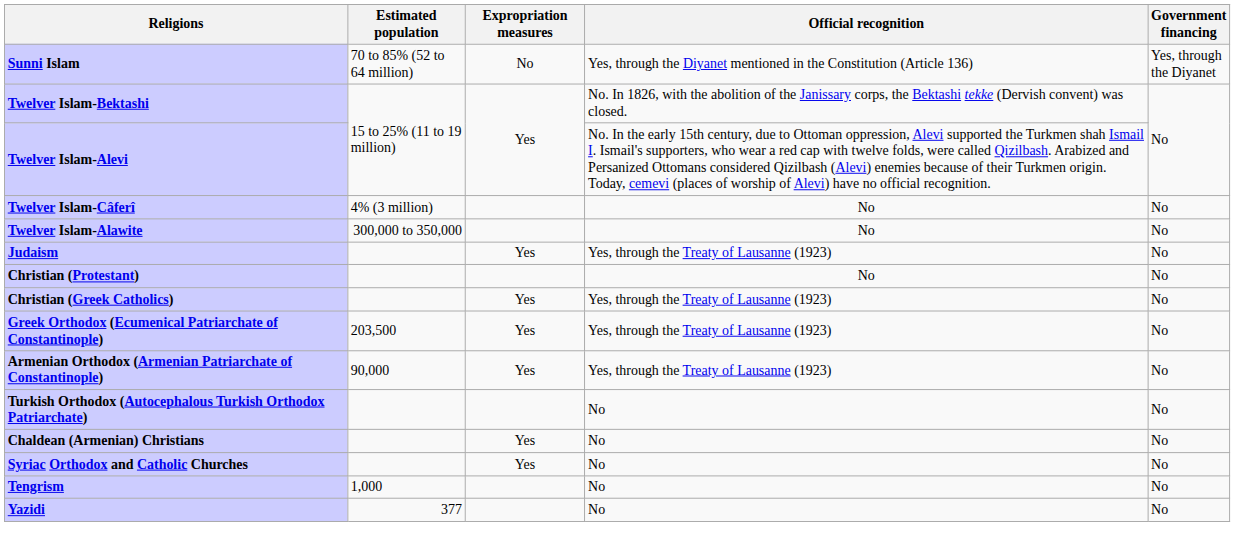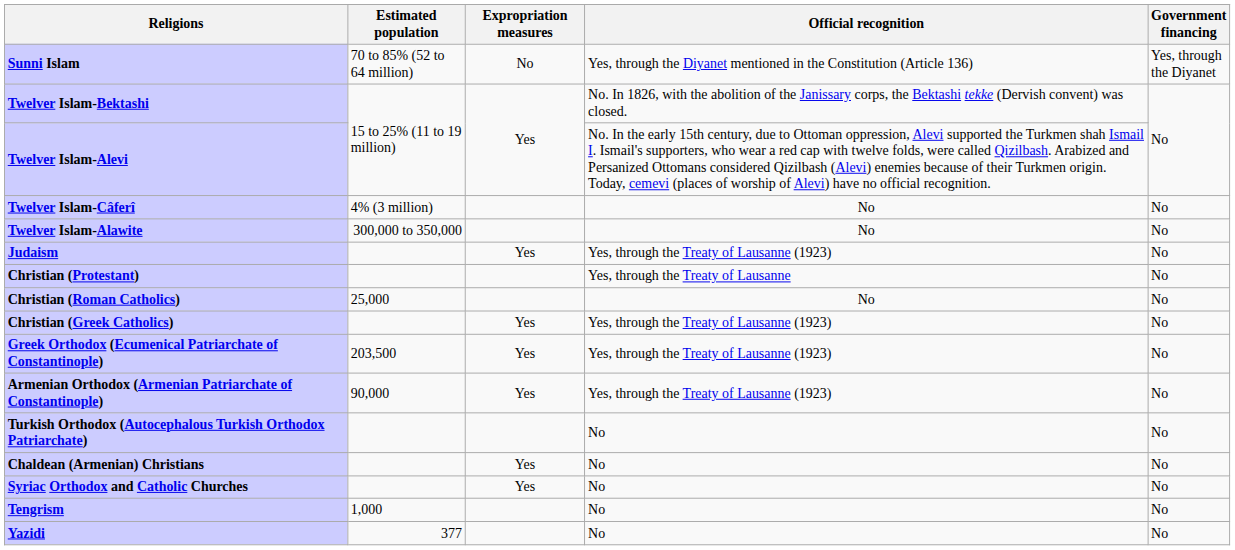 <table class="wikitable" border="3px solid" style="margin:0 auto; padding: 0; font-size: 90%; center:; :">
 <tr>
 </tr>
 <tr>
 <th bgcolor="#003366" align="center" width="30%"><span>Religions</span></th>
 <th bgcolor="#003366" align="center" width="10%"><span>Estimated population</span></th>
 <th width="10%" align="center" bgcolor="#003366"><span>Expropriation <br>measures</span></th>
 <th bgcolor="#003366" align="center" width="50%"><span>Official recognition</span></th>
 <th bgcolor="#003366" align="center" width="10%"><span>Government financing</span></th>
 </tr>
 <tr>
 <th scope="row" style="background:#CCCCFF;text-align:left"><a href='#'>Sunni</a> Islam</th>
 <td align="left">70 to 85% (52 to 64 million)</td>
 <td align="center">No</td>
 <td align="left">Yes, through the <a href='#'>Diyanet</a> mentioned in the Constitution (Article 136)</td>
 <td align="left">Yes, through the Diyanet</td>
 </tr>
 <tr>
 <th scope="row" style="background:#CCCCFF;text-align:left"><a href='#'>Twelver</a> Islam-<a href='#'>Bektashi</a></th>
 <td rowspan=2>15 to 25% (11 to 19 million)</td>
 <td rowspan=2 align="center">Yes</td>
 <td align="left">No. In 1826, with the abolition of the <a href='#'>Janissary</a> corps, the <a href='#'>Bektashi</a> <em><a href='#'>tekke</a></em> (Dervish convent) was closed.</td>
 <td rowspan=2>No</td>
 </tr>
 <tr>
 <th scope="row" style="background:#CCCCFF;text-align:left"><a href='#'>Twelver</a> Islam-<a href='#'>Alevi</a></th>
 <td align="left">No. In the early 15th century, due to Ottoman oppression, <a href='#'>Alevi</a> supported the Turkmen shah <a href='#'>Ismail I</a>. Ismail's supporters, who wear a red cap with twelve folds, were called <a href='#'>Qizilbash</a>. Arabized and Persanized Ottomans considered Qizilbash (<a href='#'>Alevi</a>) enemies because of their Turkmen origin. Today, <a href='#'>cemevi</a> (places of worship of <a href='#'>Alevi</a>) have no official recognition.</td>
 </tr>
 <tr>
 <th scope="row" style="background:#CCCCFF;text-align:left"><a href='#'>Twelver</a> Islam-<a href='#'>Câferî</a></th>
 <td align="left">4% (3 million)</td>
 <td align="left"></td>
 <td align="center">No</td>
 <td align="left">No</td>
 </tr>
 <tr>
 <th scope="row" style="background:#CCCCFF;text-align:left"><a href='#'>Twelver</a> Islam-<a href='#'>Alawite</a></th>
 <td align="right">300,000 to 350,000</td>
 <td align="center"></td>
 <td align="center">No</td>
 <td align="left">No</td>
 </tr>
 <tr>
 <th scope="row" style="background:#CCCCFF;text-align:left"><a href='#'>Judaism</a></th>
 <td align="left"></td>
 <td align="center">Yes</td>
 <td align="left">Yes, through the <a href='#'>Treaty of Lausanne</a> (1923)</td>
 <td align="left">No</td>
 </tr>
 <tr>
 <th scope="row" style="background:#CCCCFF;text-align:left">Christian (<a href='#'>Protestant</a>)</th>
 <td align="left"></td>
+<td align="left"></td>
+<td align="left">Yes, through the <a href='#'>Treaty of Lausanne</a></td>
+<td align="left">No</td>
+</tr>
+<tr>
+<th scope="row" style="background:#CCCCFF;text-align:left">Christian (<a href='#'>Roman Catholics</a>)</th>
+<td align="left">25,000</td>
 <td align="left"></td>
 <td align="center">No</td>
 <td align="left">No</td>
 </tr>
 <tr>
 <th scope="row" style="background:#CCCCFF;text-align:left">Christian (<a href='#'>Greek Catholics</a>)</th>
 <td align="left"></td>
 <td align="center">Yes</td>
 <td align="left">Yes, through the <a href='#'>Treaty of Lausanne</a> (1923)</td>
 <td align="left">No</td>
 </tr>
 <tr>
 <th scope="row" style="background:#CCCCFF;text-align:left"><a href='#'>Greek Orthodox</a> (<a href='#'>Ecumenical Patriarchate of Constantinople</a>)</th>
 <td align="left">203,500</td>
 <td align="center">Yes</td>
 <td align="left">Yes, through the <a href='#'>Treaty of Lausanne</a> (1923)</td>
 <td align="left">No</td>
 </tr>
 <tr>
 <th scope="row" style="background:#CCCCFF;text-align:left">Armenian Orthodox (<a href='#'>Armenian Patriarchate of Constantinople</a>)</th>
 <td align="left">90,000</td>
 <td align="center">Yes</td>
 <td align="left">Yes, through the <a href='#'>Treaty of Lausanne</a> (1923)</td>
 <td align="left">No</td>
 </tr>
 <tr>
 <th scope="row" style="background:#CCCCFF;text-align:left">Turkish Orthodox (<a href='#'>Autocephalous Turkish Orthodox Patriarchate</a>)</th>
 <td align="left"></td>
 <td align="center"></td>
 <td align="left">No</td>
 <td align="left">No</td>
 </tr>
 <tr>
 <th scope="row" style="background:#CCCCFF;text-align:left">Chaldean (Armenian) Christians</th>
 <td align="left"></td>
 <td align="center">Yes</td>
 <td align="left">No</td>
 <td align="left">No</td>
 </tr>
 <tr>
 <th scope="row" style="background:#CCCCFF;text-align:left"><a href='#'>Syriac</a> <a href='#'>Orthodox</a> and <a href='#'>Catholic</a> Churches</th>
 <td align="left"></td>
 <td align="center">Yes</td>
 <td align="left">No</td>
 <td align="left">No</td>
 </tr>
 <tr>
 <th scope="row" style="background:#CCCCFF;text-align:left"><a href='#'>Tengrism</a></th>
 <td align="left">1,000</td>
 <td align="center"></td>
 <td align="left">No</td>
 <td align="left">No</td>
 </tr>
 <tr>
 <th scope="row" style="background:#CCCCFF;text-align:left"><a href='#'>Yazidi</a></th>
 <td align="right">377</td>
 <td align="center"></td>
 <td align="left">No</td>
 <td align="left">No</td>
 </tr>
 </table>
